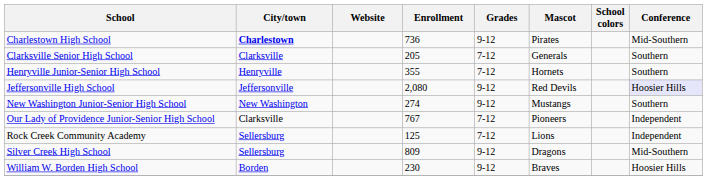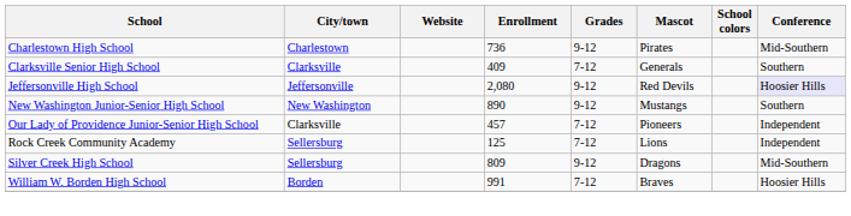 <table class="wikitable sortable" width="70%">
 <tr>
 <th width="20%">School</th>
 <th width="08%">City/town</th>
 <th width="06%">Website</th>
 <th width="04%">Enrollment</th>
 <th width="04%">Grades</th>
 <th width="04%">Mascot</th>
 <th width=01%>School colors</th>
 <th width="04%">Conference</th>
 </tr>
 <tr>
 <td><a href='#'>Charlestown High School</a></td>
-<td><strong><a href='#'>Charlestown</a></strong></td>
+<td><a href='#'>Charlestown</a></td>
 <td></td>
 <td>736</td>
 <td>9-12</td>
 <td>Pirates</td>
 <td> </td>
 <td>Mid-Southern</td>
 </tr>
 <tr>
 <td><a href='#'>Clarksville Senior High School</a></td>
 <td><a href='#'>Clarksville</a></td>
 <td></td>
-<td>205</td>
+<td>409</td>
 <td>7-12</td>
 <td>Generals</td>
 <td>  </td>
-<td>Southern</td>
-</tr>
-<tr>
-<td><a href='#'>Henryville Junior-Senior High School</a></td>
-<td><a href='#'>Henryville</a></td>
-<td></td>
-<td>355</td>
-<td>7-12</td>
-<td>Hornets</td>
-<td> </td>
 <td>Southern</td>
 </tr>
 <tr>
 <td><a href='#'>Jeffersonville High School</a></td>
 <td><a href='#'>Jeffersonville</a></td>
 <td></td>
 <td>2,080</td>
 <td>9-12</td>
 <td>Red Devils</td>
 <td> </td>
 <td style="background: lavender;">Hoosier Hills</td>
 </tr>
 <tr>
 <td><a href='#'>New Washington Junior-Senior High School</a></td>
 <td><a href='#'>New Washington</a></td>
 <td></td>
-<td>274</td>
+<td>890</td>
 <td>9-12</td>
 <td>Mustangs</td>
 <td>  </td>
 <td>Southern</td>
 </tr>
 <tr>
 <td><a href='#'>Our Lady of Providence Junior-Senior High School</a></td>
 <td>Clarksville</td>
 <td></td>
-<td>767</td>
+<td>457</td>
 <td>7-12</td>
 <td>Pioneers</td>
 <td> </td>
 <td>Independent</td>
 </tr>
 <tr>
 <td>Rock Creek Community Academy</td>
 <td><a href='#'>Sellersburg</a></td>
 <td></td>
 <td>125</td>
 <td>7-12</td>
 <td>Lions</td>
 <td></td>
 <td>Independent</td>
 </tr>
 <tr>
 <td><a href='#'>Silver Creek High School</a></td>
 <td><a href='#'>Sellersburg</a></td>
 <td></td>
 <td>809</td>
 <td>9-12</td>
 <td>Dragons</td>
 <td> </td>
 <td>Mid-Southern</td>
 </tr>
 <tr>
 <td><a href='#'>William W. Borden High School</a></td>
 <td><a href='#'>Borden</a></td>
 <td></td>
-<td>230</td>
-<td>9-12</td>
+<td>991</td>
+<td>7-12</td>
 <td>Braves</td>
 <td> </td>
 <td>Hoosier Hills</td>
 </tr>
 <tr>
 </tr>
 </table>
